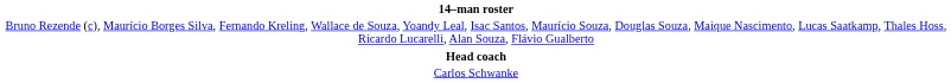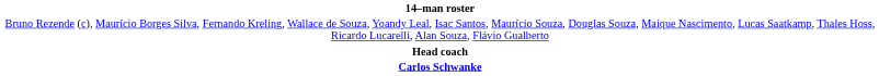 <table style="text-align:center; margin-top:2em; margin-left:auto; margin-right:auto">
 <tr>
 <td><strong>14–man roster</strong></td>
 </tr>
 <tr>
 <td><a href='#'>Bruno Rezende</a> (<a href='#'>c</a>), <a href='#'>Maurício Borges Silva</a>, <a href='#'>Fernando Kreling</a>, <a href='#'>Wallace de Souza</a>, <a href='#'>Yoandy Leal</a>, <a href='#'>Isac Santos</a>, <a href='#'>Maurício Souza</a>, <a href='#'>Douglas Souza</a>, <a href='#'>Maique Nascimento</a>, <a href='#'>Lucas Saatkamp</a>, <a href='#'>Thales Hoss</a>, <a href='#'>Ricardo Lucarelli</a>, <a href='#'>Alan Souza</a>, <a href='#'>Flávio Gualberto</a></td>
 </tr>
 <tr>
 <td><strong>Head coach</strong></td>
 </tr>
 <tr>
-<td><a href='#'>Carlos Schwanke</a></td>
+<td><strong><a href='#'>Carlos Schwanke</a></strong></td>
 </tr>
 </table>
